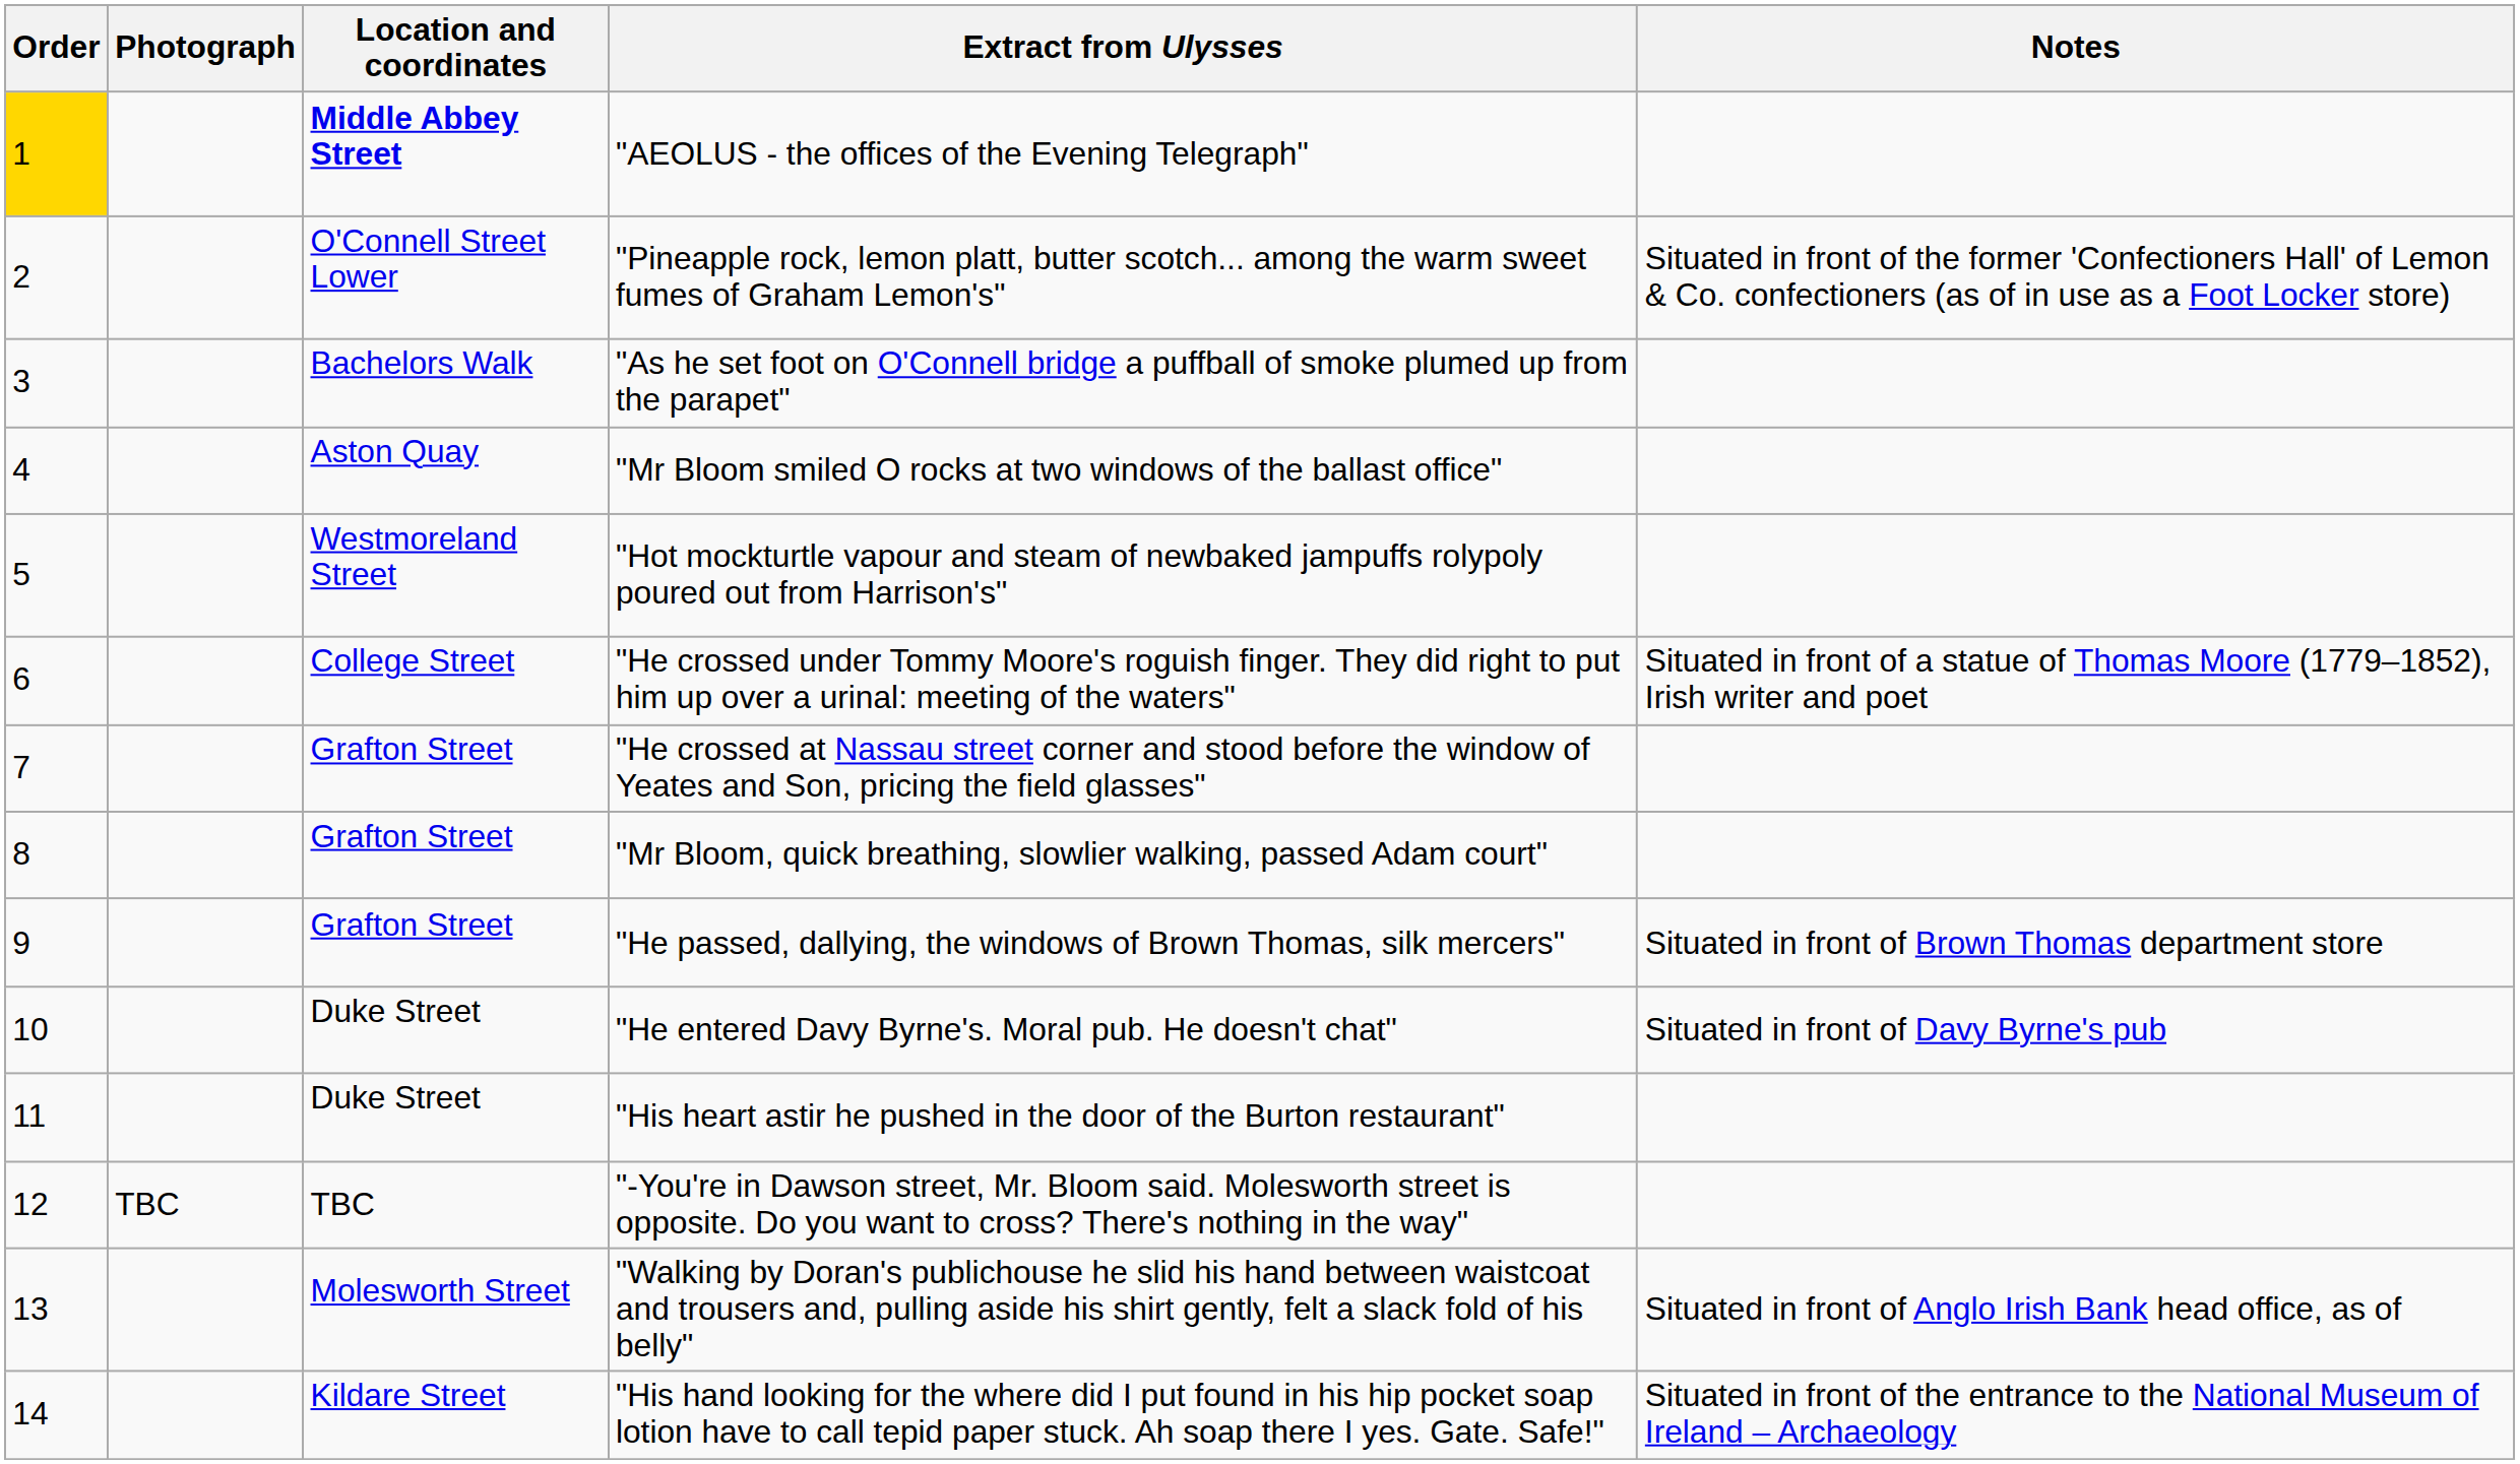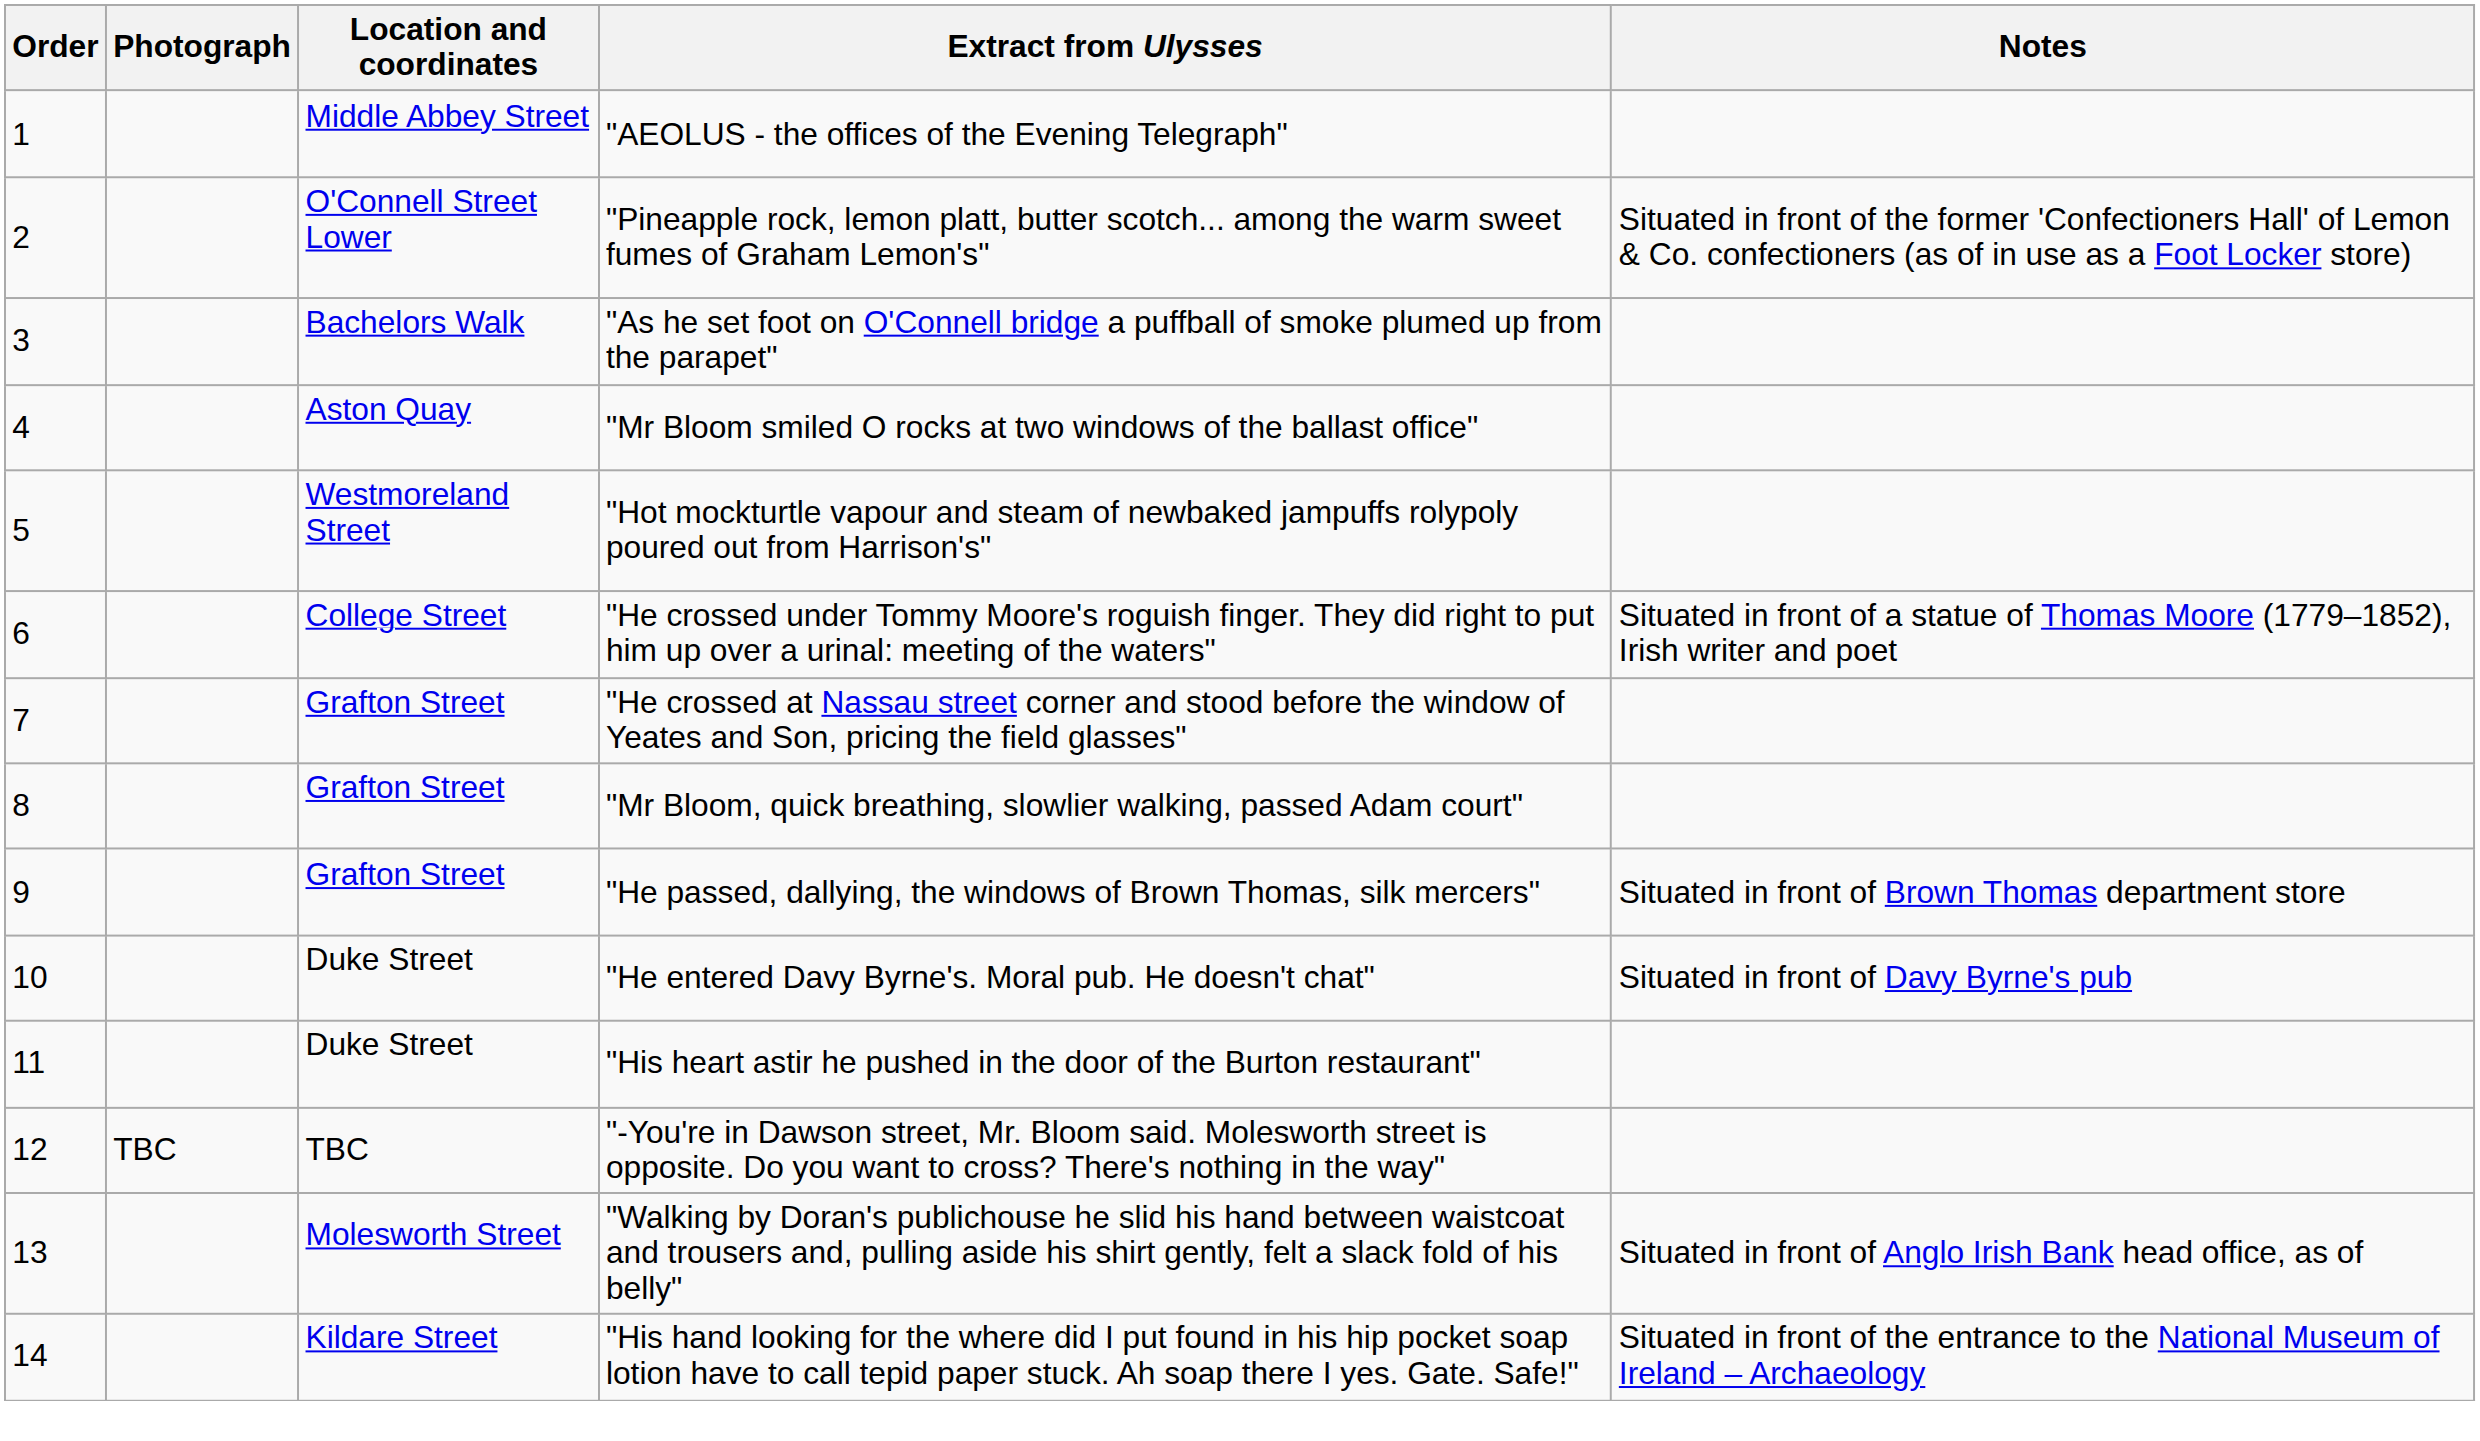 <table class="wikitable sortable">
 <tr>
 <th>Order</th>
 <th>Photograph</th>
 <th>Location and coordinates</th>
 <th>Extract from <em>Ulysses</em></th>
 <th>Notes</th>
 </tr>
 <tr>
-<td style="background: gold;">1</td>
+<td>1</td>
 <td></td>
-<td><strong><a href='#'>Middle Abbey Street</a> <br><br></strong></td>
+<td><a href='#'>Middle Abbey Street</a> <br><br></td>
 <td>"AEOLUS - the offices of the Evening Telegraph"</td>
 <td></td>
 </tr>
 <tr>
 <td>2</td>
 <td></td>
 <td><a href='#'>O'Connell Street Lower</a><br><br></td>
 <td>"Pineapple rock, lemon platt, butter scotch... among the warm sweet fumes of Graham Lemon's"</td>
 <td>Situated in front of the former 'Confectioners Hall' of Lemon & Co. confectioners (as of  in use as a <a href='#'>Foot Locker</a> store)</td>
 </tr>
 <tr>
 <td>3</td>
 <td></td>
 <td><a href='#'>Bachelors Walk</a><br><br></td>
 <td>"As he set foot on <a href='#'>O'Connell bridge</a> a puffball of smoke plumed up from the parapet"</td>
 <td></td>
 </tr>
 <tr>
 <td>4</td>
 <td></td>
 <td><a href='#'>Aston Quay</a><br><br></td>
 <td>"Mr Bloom smiled O rocks at two windows of the ballast office"</td>
 <td></td>
 </tr>
 <tr>
 <td>5</td>
 <td></td>
 <td><a href='#'>Westmoreland Street</a><br><br></td>
 <td>"Hot mockturtle vapour and steam of newbaked jampuffs rolypoly poured out from Harrison's"</td>
 <td></td>
 </tr>
 <tr>
 <td>6</td>
 <td></td>
 <td><a href='#'>College Street</a><br><br></td>
 <td>"He crossed under Tommy Moore's roguish finger. They did right to put him up over a urinal: meeting of the waters"</td>
 <td>Situated in front of a statue of <a href='#'>Thomas Moore</a> (1779–1852), Irish writer and poet</td>
 </tr>
 <tr>
 <td>7</td>
 <td></td>
 <td><a href='#'>Grafton Street</a><br><br></td>
 <td>"He crossed at <a href='#'>Nassau street</a> corner and stood before the window of Yeates and Son, pricing the field glasses"</td>
 <td></td>
 </tr>
 <tr>
 <td>8</td>
 <td></td>
 <td><a href='#'>Grafton Street</a><br><br></td>
 <td>"Mr Bloom, quick breathing, slowlier walking, passed Adam court"</td>
 <td></td>
 </tr>
 <tr>
 <td>9</td>
 <td></td>
 <td><a href='#'>Grafton Street</a><br><br></td>
 <td>"He passed, dallying, the windows of Brown Thomas, silk mercers"</td>
 <td>Situated in front of <a href='#'>Brown Thomas</a> department store</td>
 </tr>
 <tr>
 <td>10</td>
 <td></td>
 <td>Duke Street<br><br></td>
 <td>"He entered Davy Byrne's. Moral pub. He doesn't chat"</td>
 <td>Situated in front of <a href='#'>Davy Byrne's pub</a></td>
 </tr>
 <tr>
 <td>11</td>
 <td></td>
 <td>Duke Street<br><br></td>
 <td>"His heart astir he pushed in the door of the Burton restaurant"</td>
 <td></td>
 </tr>
 <tr>
 <td>12</td>
 <td>TBC</td>
 <td>TBC</td>
 <td>"-You're in Dawson street, Mr. Bloom said. Molesworth street is opposite. Do you want to cross? There's nothing in the way"</td>
 <td></td>
 </tr>
 <tr>
 <td>13</td>
 <td></td>
 <td><a href='#'>Molesworth Street</a><br><br></td>
 <td>"Walking by Doran's publichouse he slid his hand between waistcoat and trousers and, pulling aside his shirt gently, felt a slack fold of his belly"</td>
 <td>Situated in front of <a href='#'>Anglo Irish Bank</a> head office, as of </td>
 </tr>
 <tr>
 <td>14</td>
 <td></td>
 <td><a href='#'>Kildare Street</a><br><br></td>
 <td>"His hand looking for the where did I put found in his hip pocket soap lotion have to call tepid paper stuck. Ah soap there I yes. Gate. Safe!"</td>
 <td>Situated in front of the entrance to the <a href='#'>National Museum of Ireland – Archaeology</a></td>
 </tr>
 <tr>
 </tr>
 </table>
